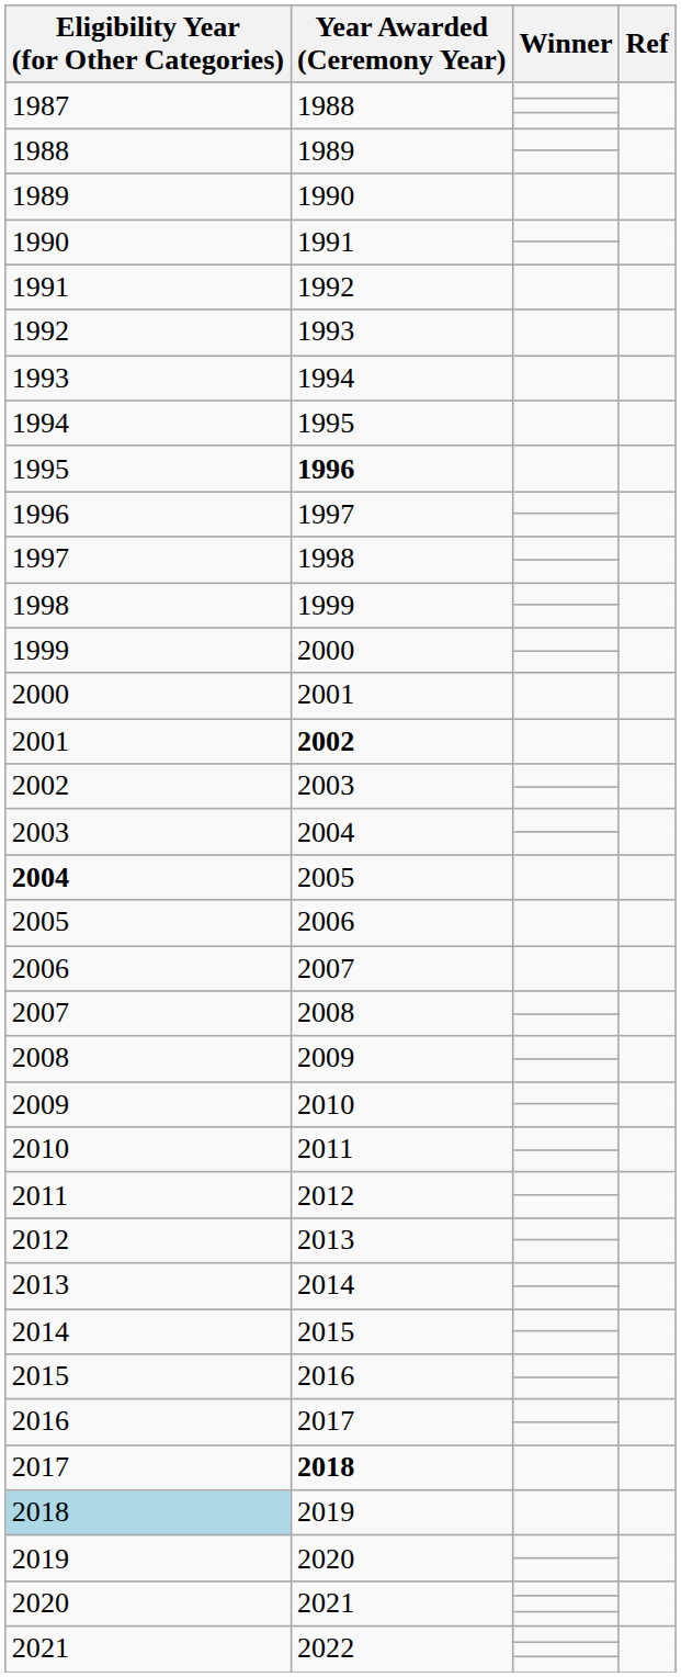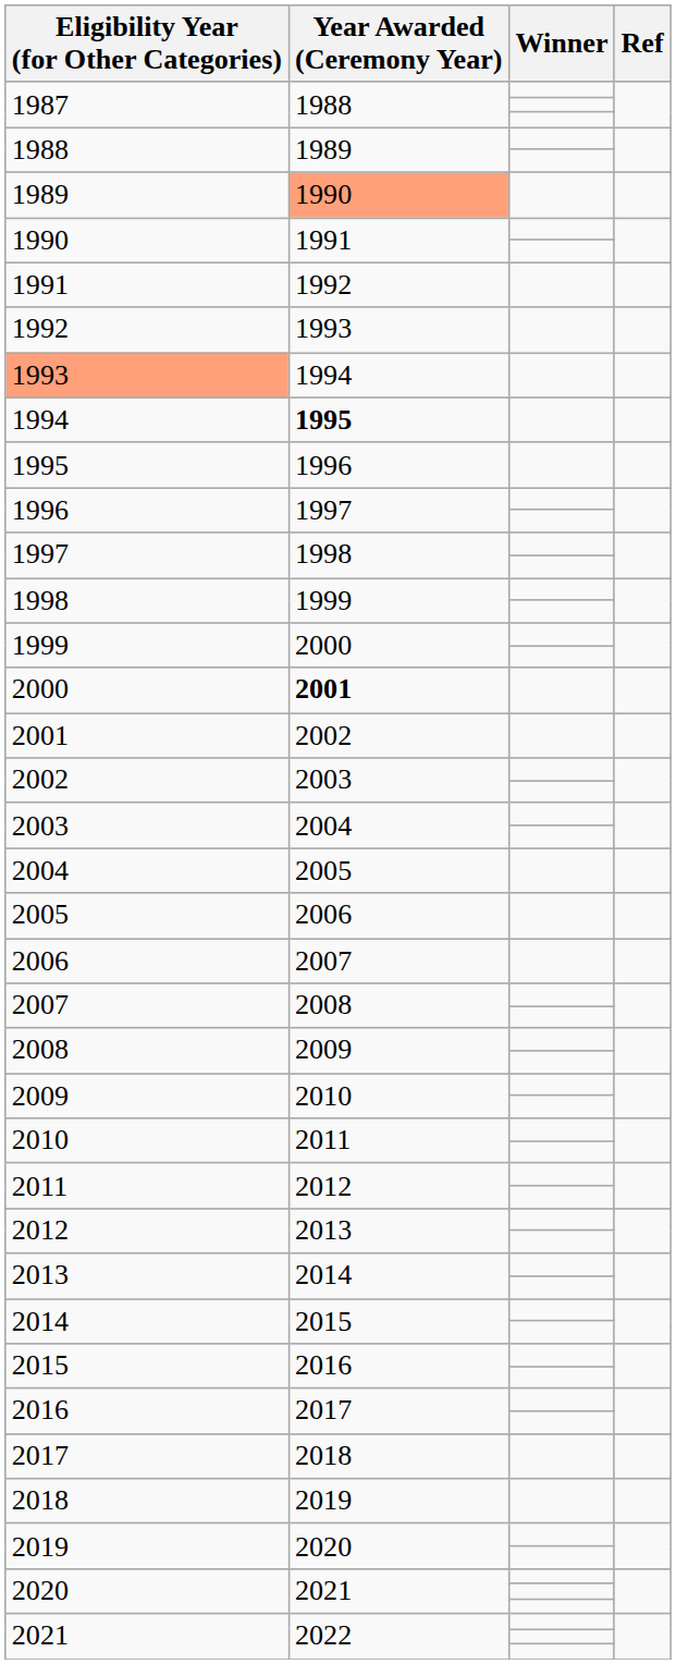 <table class="wikitable sortable">
 <tr>
 <th>Eligibility Year<br>(for Other Categories)</th>
 <th>Year Awarded<br>(Ceremony Year)</th>
 <th>Winner</th>
 <th>Ref</th>
 </tr>
 <tr>
 <td rowspan="3">1987</td>
 <td rowspan="3">1988</td>
 <td></td>
 <td rowspan="3"></td>
 </tr>
 <tr>
 <td></td>
 </tr>
 <tr>
 <td></td>
 </tr>
 <tr>
 <td rowspan="2">1988</td>
 <td rowspan="2">1989</td>
 <td></td>
 <td rowspan="2"></td>
 </tr>
 <tr>
 <td></td>
 </tr>
 <tr>
 <td>1989</td>
-<td>1990</td>
+<td style="background: lightsalmon;">1990</td>
 <td></td>
 <td></td>
 </tr>
 <tr>
 <td rowspan="2">1990</td>
 <td rowspan="2">1991</td>
 <td></td>
 <td rowspan="2"></td>
 </tr>
 <tr>
 <td></td>
 </tr>
 <tr>
 <td>1991</td>
 <td>1992</td>
 <td></td>
 <td></td>
 </tr>
 <tr>
 <td>1992</td>
 <td>1993</td>
 <td></td>
 <td></td>
 </tr>
 <tr>
-<td>1993</td>
+<td style="background: lightsalmon;">1993</td>
 <td>1994</td>
 <td></td>
 <td></td>
 </tr>
 <tr>
 <td>1994</td>
-<td>1995</td>
+<td><strong>1995</strong></td>
 <td></td>
 <td></td>
 </tr>
 <tr>
 <td>1995</td>
-<td><strong>1996</strong></td>
+<td>1996</td>
 <td></td>
 <td></td>
 </tr>
 <tr>
 <td rowspan="2">1996</td>
 <td rowspan="2">1997</td>
 <td></td>
 <td rowspan="2"></td>
 </tr>
 <tr>
 <td></td>
 </tr>
 <tr>
 <td rowspan="2">1997</td>
 <td rowspan="2">1998</td>
 <td></td>
 <td rowspan="2"></td>
 </tr>
 <tr>
 <td></td>
 </tr>
 <tr>
 <td rowspan="2">1998</td>
 <td rowspan="2">1999</td>
 <td></td>
 <td rowspan="2"></td>
 </tr>
 <tr>
 <td></td>
 </tr>
 <tr>
 <td rowspan="2">1999</td>
 <td rowspan="2">2000</td>
 <td></td>
 <td rowspan="2"></td>
 </tr>
 <tr>
 <td></td>
 </tr>
 <tr>
 <td>2000</td>
-<td>2001</td>
+<td><strong>2001</strong></td>
 <td></td>
 <td></td>
 </tr>
 <tr>
 <td>2001</td>
-<td><strong>2002</strong></td>
+<td>2002</td>
 <td></td>
 <td></td>
 </tr>
 <tr>
 <td rowspan="2">2002</td>
 <td rowspan="2">2003</td>
 <td></td>
 <td rowspan="2"></td>
 </tr>
 <tr>
 <td></td>
 </tr>
 <tr>
 <td rowspan="2">2003</td>
 <td rowspan="2">2004</td>
 <td></td>
 <td rowspan="2"></td>
 </tr>
 <tr>
 <td></td>
 </tr>
 <tr>
-<td><strong>2004</strong></td>
+<td>2004</td>
 <td>2005</td>
 <td></td>
 <td></td>
 </tr>
 <tr>
 <td>2005</td>
 <td>2006</td>
 <td></td>
 <td></td>
 </tr>
 <tr>
 <td>2006</td>
 <td>2007</td>
 <td></td>
 <td></td>
 </tr>
 <tr>
 <td rowspan="2">2007</td>
 <td rowspan="2">2008</td>
 <td></td>
 <td rowspan="2"></td>
 </tr>
 <tr>
 <td></td>
 </tr>
 <tr>
 <td rowspan="2">2008</td>
 <td rowspan="2">2009</td>
 <td></td>
 <td rowspan="2"></td>
 </tr>
 <tr>
 <td></td>
 </tr>
 <tr>
 <td rowspan="2">2009</td>
 <td rowspan="2">2010</td>
 <td></td>
 <td rowspan="2"></td>
 </tr>
 <tr>
 <td></td>
 </tr>
 <tr>
 <td rowspan="2">2010</td>
 <td rowspan="2">2011</td>
 <td></td>
 <td rowspan="2"></td>
 </tr>
 <tr>
 <td></td>
 </tr>
 <tr>
 <td rowspan="2">2011</td>
 <td rowspan="2">2012</td>
 <td></td>
 <td rowspan="2"></td>
 </tr>
 <tr>
 <td></td>
 </tr>
 <tr>
 <td rowspan="2">2012</td>
 <td rowspan="2">2013</td>
 <td></td>
 <td rowspan="2"></td>
 </tr>
 <tr>
 <td></td>
 </tr>
 <tr>
 <td rowspan="2">2013</td>
 <td rowspan="2">2014</td>
 <td></td>
 <td rowspan="2"></td>
 </tr>
 <tr>
 <td></td>
 </tr>
 <tr>
 <td rowspan="2">2014</td>
 <td rowspan="2">2015</td>
 <td></td>
 <td rowspan="2"></td>
 </tr>
 <tr>
 <td></td>
 </tr>
 <tr>
 <td rowspan="2">2015</td>
 <td rowspan="2">2016</td>
 <td></td>
 <td rowspan="2"></td>
 </tr>
 <tr>
 <td></td>
 </tr>
 <tr>
 <td rowspan="2">2016</td>
 <td rowspan="2">2017</td>
 <td></td>
 <td rowspan="2"></td>
 </tr>
 <tr>
 <td></td>
 </tr>
 <tr>
 <td>2017</td>
-<td><strong>2018</strong></td>
+<td>2018</td>
 <td></td>
 <td></td>
 </tr>
 <tr>
-<td style="background: lightblue;">2018</td>
+<td>2018</td>
 <td>2019</td>
 <td></td>
 <td></td>
 </tr>
 <tr>
 <td rowspan="2">2019</td>
 <td rowspan="2">2020</td>
 <td></td>
 <td rowspan="2"></td>
 </tr>
 <tr>
 <td></td>
 </tr>
 <tr>
 <td rowspan="3">2020</td>
 <td rowspan="3">2021</td>
 <td></td>
 <td rowspan="3"></td>
 </tr>
 <tr>
 <td></td>
 </tr>
 <tr>
 <td></td>
 </tr>
 <tr>
 <td rowspan="3">2021</td>
 <td rowspan="3">2022</td>
 <td></td>
 <td rowspan="3"></td>
 </tr>
 <tr>
 <td></td>
 </tr>
 <tr>
 <td></td>
 </tr>
 </table>
